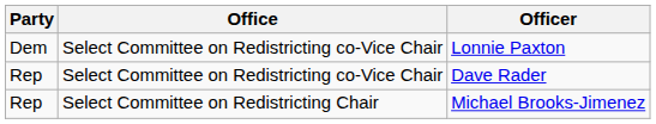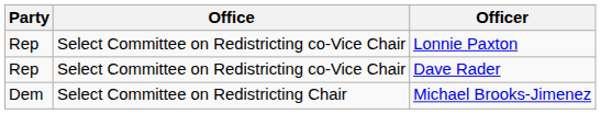 <table class=wikitable>
 <tr>
 <th>Party</th>
 <th>Office</th>
 <th>Officer</th>
 </tr>
 <tr>
-<td style="background: ">Dem</td>
+<td style="background: ">Rep</td>
 <td>Select Committee on Redistricting co-Vice Chair</td>
 <td><a href='#'>Lonnie Paxton</a></td>
 </tr>
 <tr>
 <td style="background: ">Rep</td>
 <td>Select Committee on Redistricting co-Vice Chair</td>
 <td><a href='#'>Dave Rader</a></td>
 </tr>
 <tr>
-<td style="background: ">Rep</td>
+<td style="background: ">Dem</td>
 <td>Select Committee on Redistricting Chair</td>
 <td><a href='#'>Michael Brooks-Jimenez</a></td>
 </tr>
 </table>
